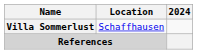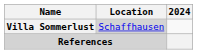 <table class="wikitable sortable plainrowheaders" style="text-align:left;">
 <tr>
 <th scope="col">Name</th>
 <th>Location</th>
 <th scope="col">2024</th>
 </tr>
 <tr>
 <th scope="row">Villa Sommerlust</th>
-<td Vals><a href='#'>Schaffhausen</a></td>
+<td Vals style="background: lightgrey;"><a href='#'>Schaffhausen</a></td>
 <td></td>
 </tr>
 <tr>
 <th colspan="2" style="text-align: center;background: lightgray;">References</th>
 <th></th>
 </tr>
 </table>
